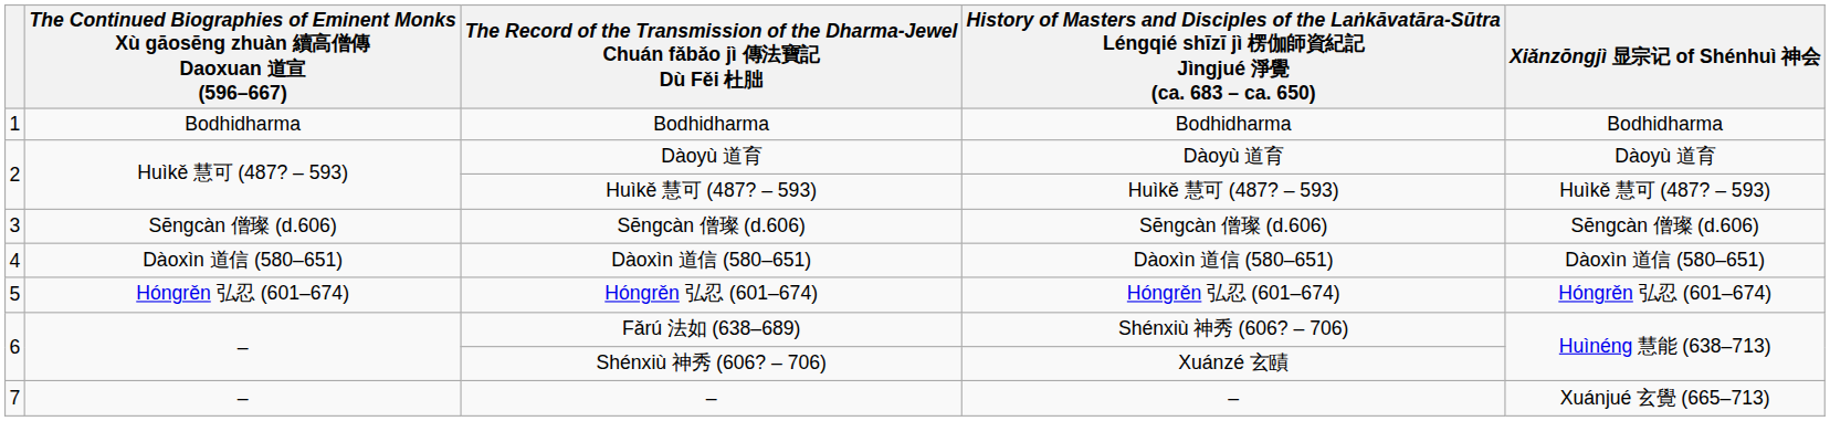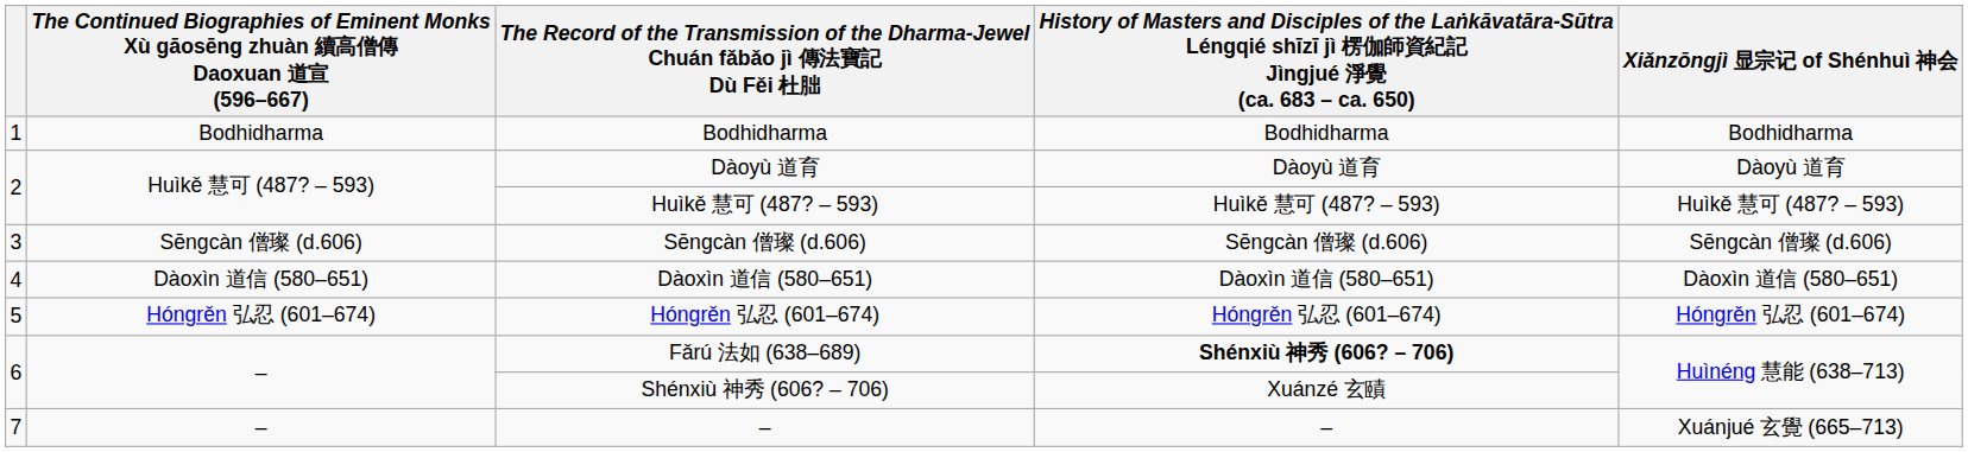 <table class="wikitable">
 <tr>
 <th></th>
 <th><em>The Continued Biographies of Eminent Monks</em><br>Xù gāosēng zhuàn 續高僧傳<br>Daoxuan 道宣<br>(596–667)</th>
 <th><em>The Record of the Transmission of the Dharma-Jewel</em><br>Chuán fǎbǎo jì 傳法寶記<br>Dù Fěi 杜胐</th>
 <th><em>History of Masters and Disciples of the Laṅkāvatāra-Sūtra</em><br>Léngqié shīzī jì 楞伽師資紀記<br>Jìngjué 淨覺<br>(ca. 683 – ca. 650)</th>
 <th><em>Xiǎnzōngjì</em> 显宗记 of Shénhuì 神会</th>
 </tr>
 <tr style="text-align:center;">
 <td>1</td>
 <td style="text-align:center;">Bodhidharma</td>
 <td style="text-align:center;">Bodhidharma</td>
 <td style="text-align:center;">Bodhidharma</td>
 <td style="text-align:center;">Bodhidharma</td>
 </tr>
 <tr style="text-align:center;">
 <td rowspan="2">2</td>
 <td rowspan=2 style="text-align:center;">Huìkě 慧可 (487? – 593)</td>
 <td>Dàoyù 道育</td>
 <td style="text-align:center;">Dàoyù 道育</td>
 <td style="text-align:center;">Dàoyù 道育</td>
 </tr>
 <tr style="text-align:center;">
 <td>Huìkě 慧可 (487? – 593)</td>
 <td style="text-align:center;">Huìkě 慧可 (487? – 593)</td>
 <td style="text-align:center;">Huìkě 慧可 (487? – 593)</td>
 </tr>
 <tr style="text-align:center;">
 <td>3</td>
 <td style="text-align:center;">Sēngcàn 僧璨 (d.606)</td>
 <td style="text-align:center;">Sēngcàn 僧璨 (d.606)</td>
 <td style="text-align:center;">Sēngcàn 僧璨 (d.606)</td>
 <td style="text-align:center;">Sēngcàn 僧璨 (d.606)</td>
 </tr>
 <tr style="text-align:center;">
 <td>4</td>
 <td style="text-align:center;">Dàoxìn 道信 (580–651)</td>
 <td style="text-align:center;">Dàoxìn 道信 (580–651)</td>
 <td style="text-align:center;">Dàoxìn 道信 (580–651)</td>
 <td style="text-align:center;">Dàoxìn 道信 (580–651)</td>
 </tr>
 <tr>
 <td style="text-align:center;">5</td>
 <td style="text-align:center;"><a href='#'>Hóngrěn</a> 弘忍 (601–674)</td>
 <td style="text-align:center;"><a href='#'>Hóngrěn</a> 弘忍 (601–674)</td>
 <td style="text-align:center;"><a href='#'>Hóngrěn</a> 弘忍 (601–674)</td>
 <td style="text-align:center;"><a href='#'>Hóngrěn</a> 弘忍 (601–674)</td>
 </tr>
 <tr>
 <td rowspan=2 style="text-align:center;">6</td>
 <td rowspan=2 style="text-align:center;">–</td>
 <td style="text-align:center;">Fǎrú 法如 (638–689)</td>
-<td style="text-align:center;">Shénxiù 神秀 (606? – 706)</td>
+<td style="text-align:center;"><strong>Shénxiù 神秀 (606? – 706)</strong></td>
 <td style="text-align:center;" rowspan=2><a href='#'>Huìnéng</a> 慧能 (638–713)</td>
 </tr>
 <tr style="text-align:center;">
 <td>Shénxiù 神秀 (606? – 706)</td>
 <td style="text-align:center;">Xuánzé 玄賾</td>
 </tr>
 <tr style="text-align:center;">
 <td>7</td>
 <td style="text-align:center;">–</td>
 <td style="text-align:center;">–</td>
 <td style="text-align:center;">–</td>
 <td style="text-align:center;">Xuánjué 玄覺 (665–713)</td>
 </tr>
 </table>
